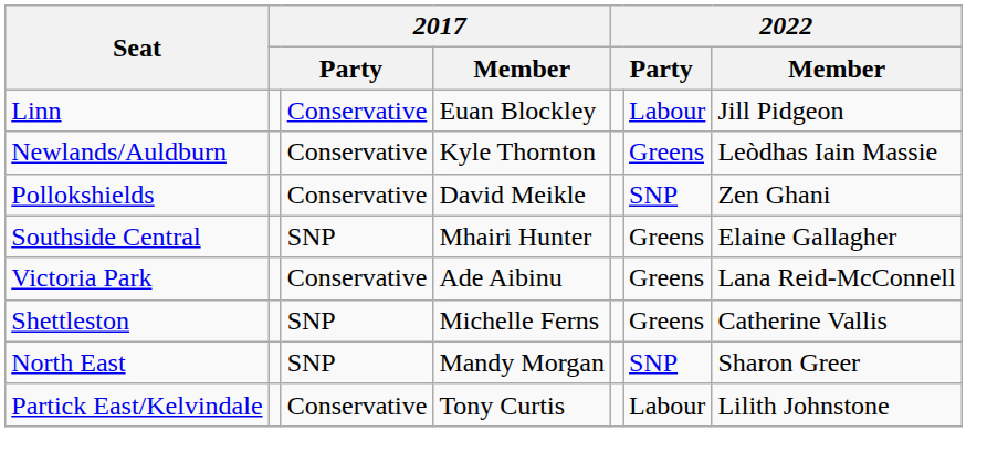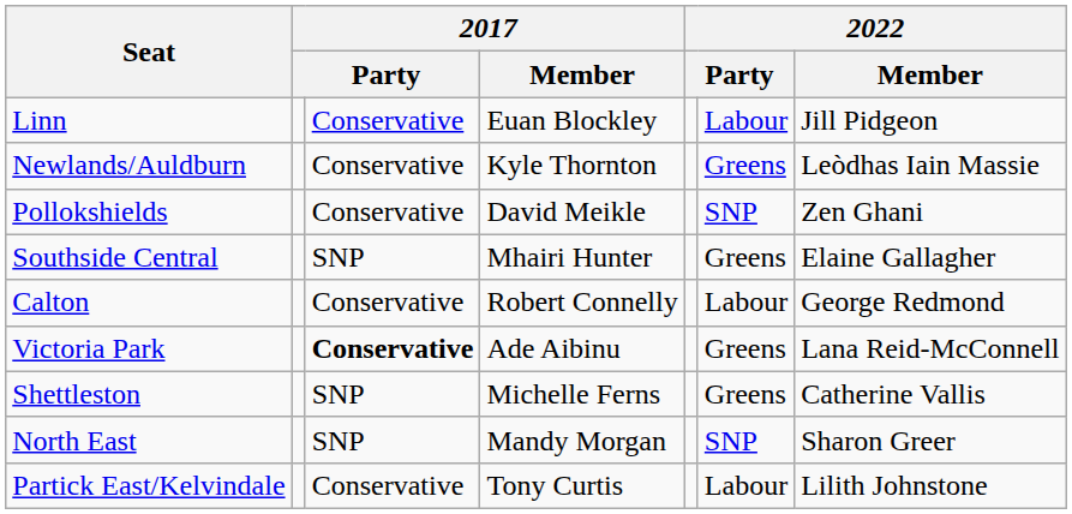 <table class="wikitable">
 <tr>
 <th scope="col" rowspan="2" style="text-align:center">Seat</th>
 <th scope="col" colspan="3" style="text-align:center"><em>2017</em></th>
 <th scope="col" colspan="3" style="text-align:center"><em>2022</em></th>
 </tr>
 <tr>
 <th colspan="2" style="text-align:center">Party</th>
 <th style="text-align:center">Member</th>
 <th colspan="2" style="text-align:center">Party</th>
 <th style="text-align:center">Member</th>
 </tr>
 <tr>
 <td scope="row"><a href='#'>Linn</a></td>
 <td></td>
 <td><a href='#'>Conservative</a></td>
 <td>Euan Blockley</td>
 <td></td>
 <td><a href='#'>Labour</a></td>
 <td>Jill Pidgeon</td>
 </tr>
 <tr>
 <td scope="row"><a href='#'>Newlands/Auldburn</a></td>
 <td></td>
 <td>Conservative</td>
 <td>Kyle Thornton</td>
 <td></td>
 <td><a href='#'>Greens</a></td>
 <td>Leòdhas Iain Massie</td>
 </tr>
 <tr>
 <td scope="row"><a href='#'>Pollokshields</a></td>
 <td></td>
 <td>Conservative</td>
 <td>David Meikle</td>
 <td></td>
 <td><a href='#'>SNP</a></td>
 <td>Zen Ghani</td>
 </tr>
 <tr>
 <td scope="row"><a href='#'>Southside Central</a></td>
 <td></td>
 <td>SNP</td>
 <td>Mhairi Hunter</td>
 <td></td>
 <td>Greens</td>
 <td>Elaine Gallagher</td>
 </tr>
 <tr>
+<td scope="row"><a href='#'>Calton</a></td>
+<td></td>
+<td>Conservative</td>
+<td>Robert Connelly</td>
+<td></td>
+<td>Labour</td>
+<td>George Redmond</td>
+</tr>
+<tr>
 <td scope="row"><a href='#'>Victoria Park</a></td>
 <td></td>
-<td>Conservative</td>
+<td><strong>Conservative</strong></td>
 <td>Ade Aibinu</td>
 <td></td>
 <td>Greens</td>
 <td>Lana Reid-McConnell</td>
 </tr>
 <tr>
 <td scope="row"><a href='#'>Shettleston</a></td>
 <td></td>
 <td>SNP</td>
 <td>Michelle Ferns</td>
 <td></td>
 <td>Greens</td>
 <td>Catherine Vallis</td>
 </tr>
 <tr>
 <td scope="row"><a href='#'>North East</a></td>
 <td></td>
 <td>SNP</td>
 <td>Mandy Morgan</td>
 <td></td>
 <td><a href='#'>SNP</a></td>
 <td>Sharon Greer</td>
 </tr>
 <tr>
 <td scope="row"><a href='#'>Partick East/Kelvindale</a></td>
 <td></td>
 <td>Conservative</td>
 <td>Tony Curtis</td>
 <td></td>
 <td>Labour</td>
 <td>Lilith Johnstone</td>
 </tr>
 </table>
